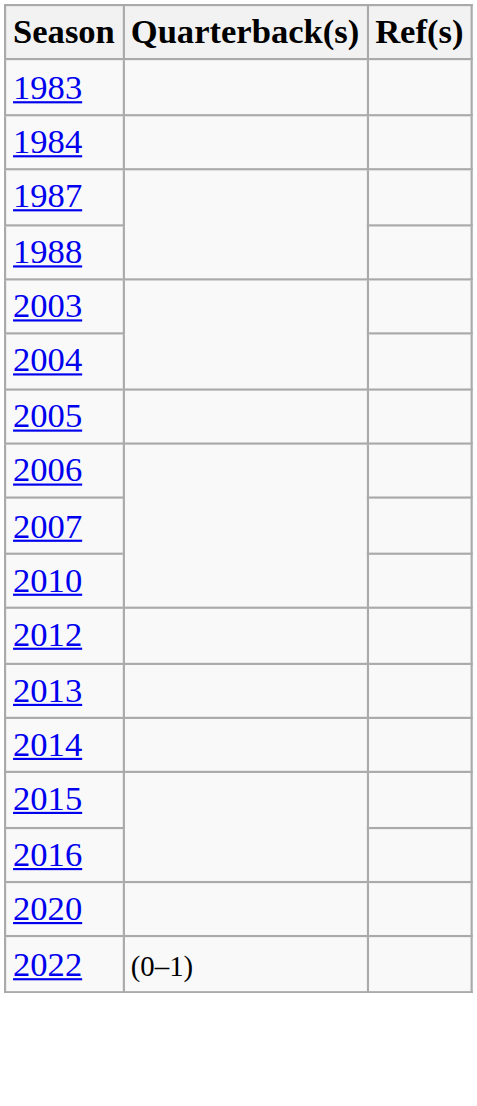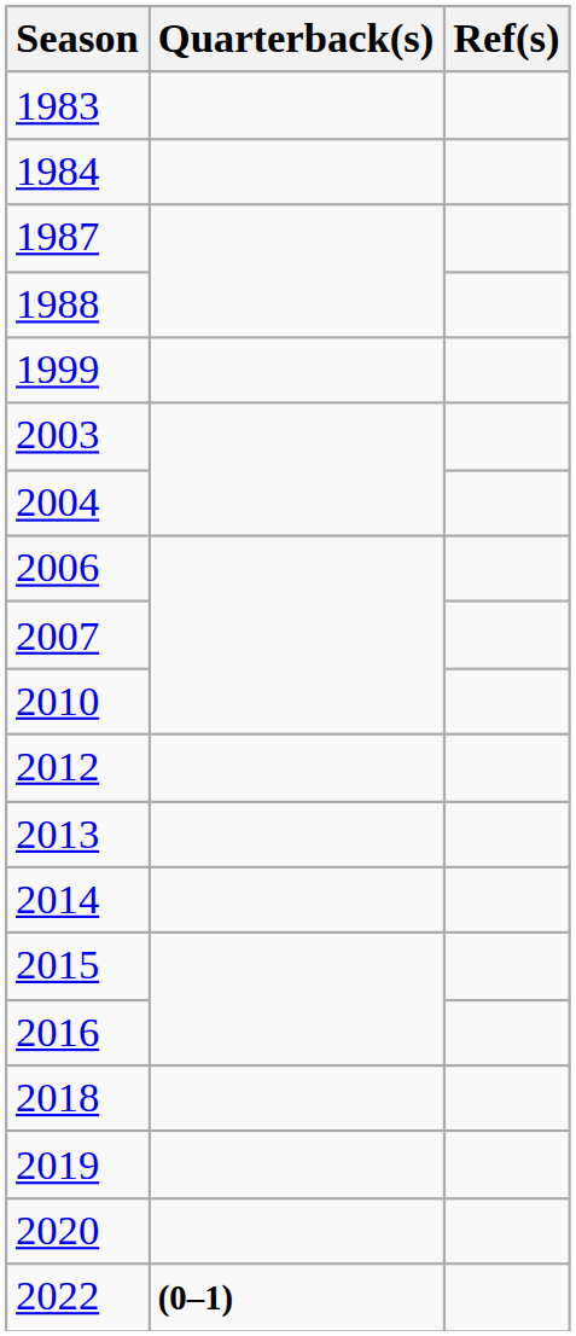 <table class="wikitable sortable">
 <tr>
 <th>Season</th>
 <th>Quarterback(s)</th>
 <th class="unsortable">Ref(s)</th>
 </tr>
 <tr>
 <td><a href='#'>1983</a></td>
 <td></td>
 <td align="center"></td>
 </tr>
 <tr>
 <td><a href='#'>1984</a></td>
 <td></td>
 <td align="center"></td>
 </tr>
 <tr>
 <td><a href='#'>1987</a></td>
 <td rowspan="2"></td>
 <td align="center"></td>
 </tr>
 <tr>
 <td><a href='#'>1988</a></td>
 <td align="center"></td>
 </tr>
 <tr>
+<td><a href='#'>1999</a></td>
+<td></td>
+<td align="center"></td>
+</tr>
+<tr>
 <td><a href='#'>2003</a></td>
 <td rowspan="2"></td>
 <td align="center"></td>
 </tr>
 <tr>
 <td><a href='#'>2004</a></td>
-<td align="center"></td>
-</tr>
-<tr>
-<td><a href='#'>2005</a></td>
-<td></td>
 <td align="center"></td>
 </tr>
 <tr>
 <td><a href='#'>2006</a></td>
 <td rowspan="3"></td>
 <td align="center"></td>
 </tr>
 <tr>
 <td><a href='#'>2007</a></td>
 <td align="center"></td>
 </tr>
 <tr>
 <td><a href='#'>2010</a></td>
 <td align="center"></td>
 </tr>
 <tr>
 <td><a href='#'>2012</a></td>
 <td></td>
 <td align="center"></td>
 </tr>
 <tr>
 <td><a href='#'>2013</a></td>
 <td></td>
 <td align="center"></td>
 </tr>
 <tr>
 <td><a href='#'>2014</a></td>
 <td></td>
 <td align="center"></td>
 </tr>
 <tr>
 <td><a href='#'>2015</a></td>
 <td rowspan="2"></td>
 <td align="center"></td>
 </tr>
 <tr>
 <td><a href='#'>2016</a></td>
 <td align="center"></td>
 </tr>
 <tr>
+<td><a href='#'>2018</a></td>
+<td></td>
+<td align="center"></td>
+</tr>
+<tr>
+<td><a href='#'>2019</a></td>
+<td></td>
+<td align="center"></td>
+</tr>
+<tr>
 <td><a href='#'>2020</a></td>
 <td></td>
 <td align="center"></td>
 </tr>
 <tr>
 <td><a href='#'>2022</a></td>
-<td> <small>(0–1)</small></td>
+<td><strong> <small>(0–1)</small></strong></td>
 <td align="center"></td>
 </tr>
 </table>
